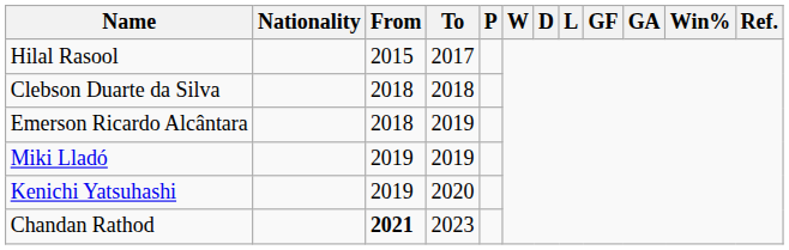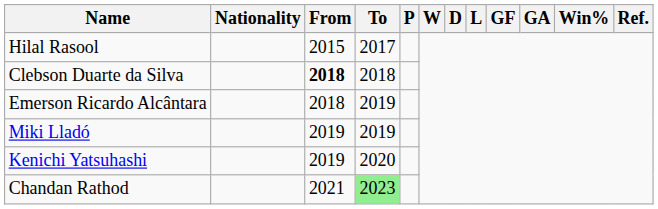 <table class="wikitable plainrowheaders sortable" style="text-align:center">
 <tr>
 <th>Name</th>
 <th>Nationality</th>
 <th>From</th>
 <th class="unsortable">To</th>
 <th>P</th>
 <th>W</th>
 <th>D</th>
 <th>L</th>
 <th>GF</th>
 <th>GA</th>
 <th>Win%</th>
 <th>Ref.</th>
 </tr>
 <tr>
 <td rowspan="1" align="left">Hilal Rasool</td>
 <td rowspan="1" align="left"></td>
 <td align=left>2015</td>
 <td align=left>2017<br></td>
 <td></td>
 </tr>
 <tr>
 <td rowspan="1" align="left">Clebson Duarte da Silva</td>
 <td rowspan="1" align="left"></td>
-<td align=left>2018</td>
+<td align=left><strong>2018</strong></td>
 <td align=left>2018<br></td>
 <td></td>
 </tr>
 <tr>
 <td rowspan="1" align="left">Emerson Ricardo Alcântara</td>
 <td rowspan="1" align="left"></td>
 <td align=left>2018</td>
 <td align=left>2019<br></td>
 <td></td>
 </tr>
 <tr>
 <td rowspan="1" align="left"><a href='#'>Miki Lladó</a></td>
 <td rowspan="1" align="left"></td>
 <td align=left>2019</td>
 <td align=left>2019<br></td>
 <td></td>
 </tr>
 <tr>
 <td rowspan="1" align="left"><a href='#'>Kenichi Yatsuhashi</a></td>
 <td rowspan="1" align="left"></td>
 <td align=left>2019</td>
 <td align=left>2020<br></td>
 <td></td>
 </tr>
 <tr>
 <td rowspan="1" align="left">Chandan Rathod</td>
 <td rowspan="1" align="left"></td>
-<td align=left><strong>2021</strong></td>
-<td align=left>2023<br></td>
+<td align=left>2021</td>
+<td align=left style="background: lightgreen;">2023<br></td>
 <td></td>
 </tr>
 </table>
